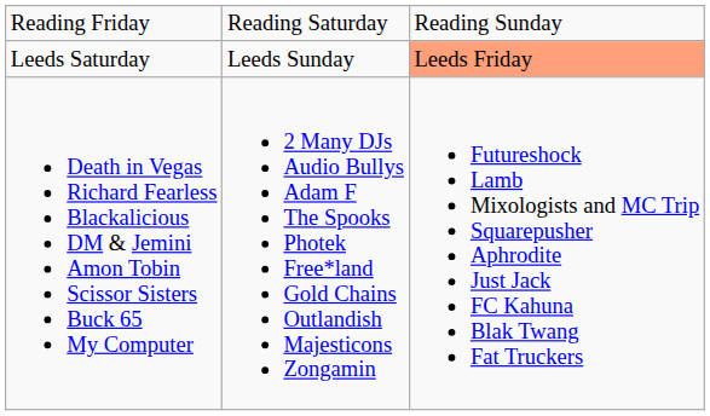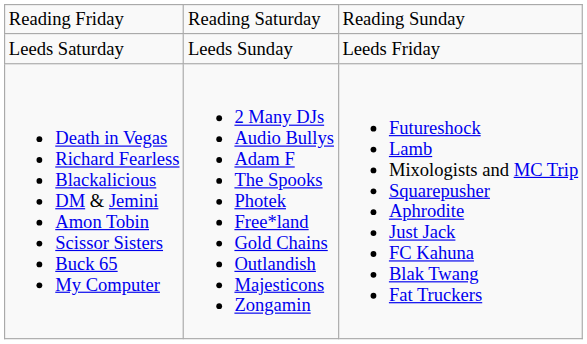 <table class="wikitable">
 <tr>
 <td>Reading Friday</td>
 <td>Reading Saturday</td>
 <td>Reading Sunday</td>
 </tr>
 <tr>
 <td>Leeds Saturday</td>
 <td>Leeds Sunday</td>
-<td style="background: lightsalmon;">Leeds Friday</td>
+<td>Leeds Friday</td>
 </tr>
 <tr>
 <td><br><ul><li><a href='#'>Death in Vegas</a></li><li><a href='#'>Richard Fearless</a></li><li><a href='#'>Blackalicious</a></li><li><a href='#'>DM</a> & <a href='#'>Jemini</a></li><li><a href='#'>Amon Tobin</a></li><li><a href='#'>Scissor Sisters</a></li><li><a href='#'>Buck 65</a></li><li><a href='#'>My Computer</a></li></ul></td>
 <td><br><ul><li><a href='#'>2 Many DJs</a></li><li><a href='#'>Audio Bullys</a></li><li><a href='#'>Adam F</a></li><li><a href='#'>The Spooks</a></li><li><a href='#'>Photek</a></li><li><a href='#'>Free*land</a></li><li><a href='#'>Gold Chains</a></li><li><a href='#'>Outlandish</a></li><li><a href='#'>Majesticons</a></li><li><a href='#'>Zongamin</a></li></ul></td>
 <td><br><ul><li><a href='#'>Futureshock</a></li><li><a href='#'>Lamb</a></li><li>Mixologists and <a href='#'>MC Trip</a></li><li><a href='#'>Squarepusher</a></li><li><a href='#'>Aphrodite</a></li><li><a href='#'>Just Jack</a></li><li><a href='#'>FC Kahuna</a></li><li><a href='#'>Blak Twang</a></li><li><a href='#'>Fat Truckers</a></li></ul></td>
 </tr>
 </table>
